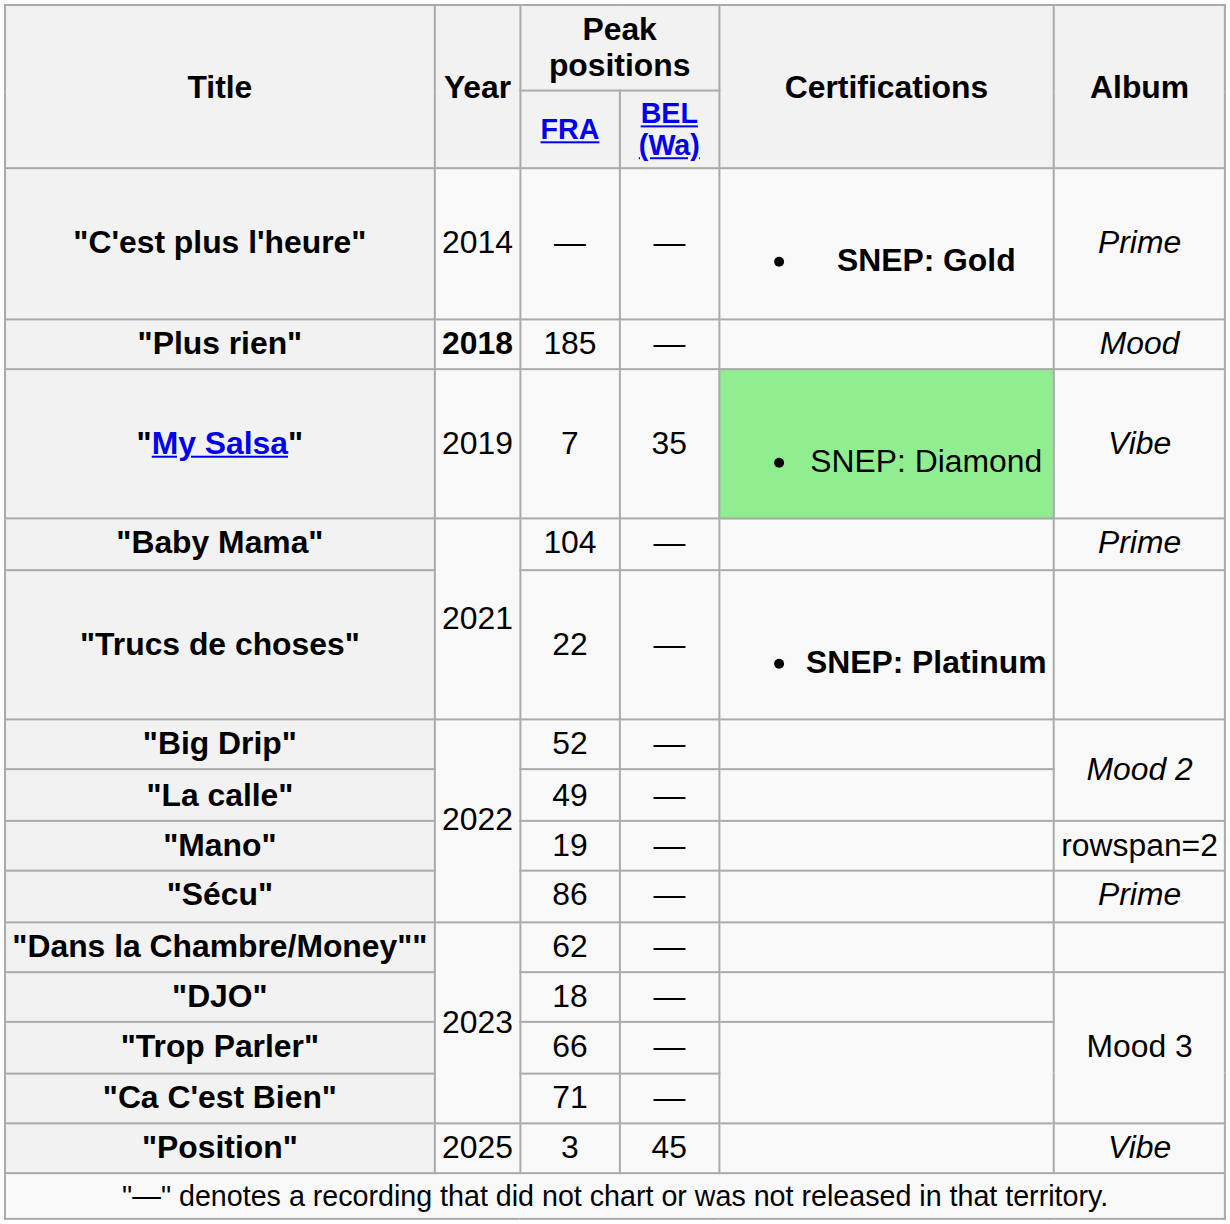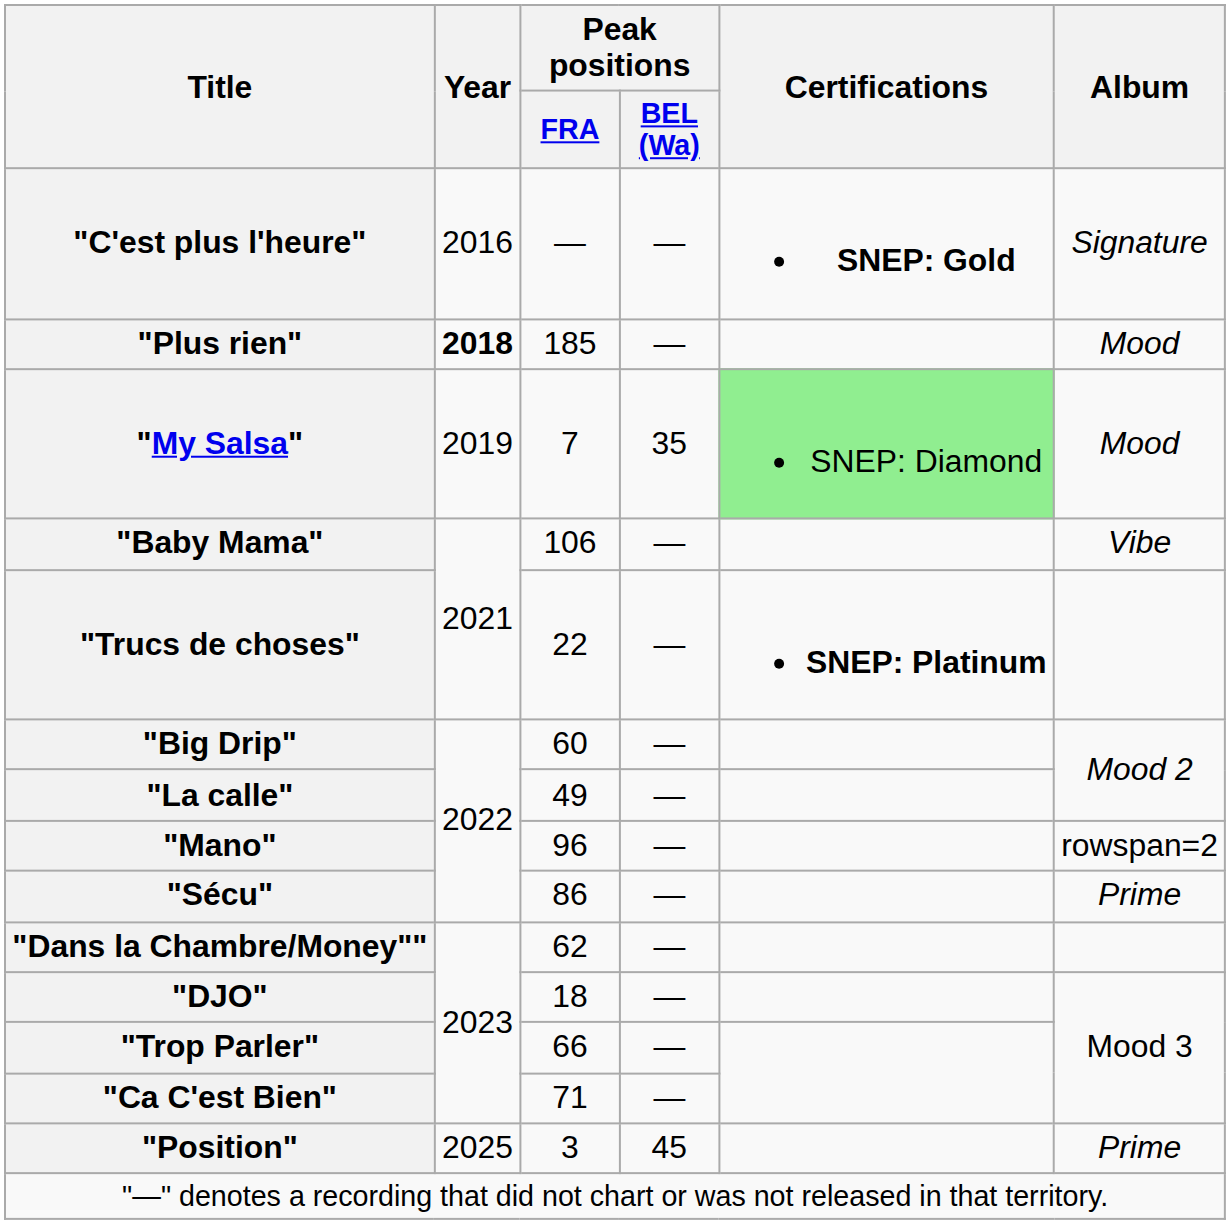 <table class="wikitable plainrowheaders" style="text-align:center">
 <tr>
 <th scope="col" rowspan="2">Title</th>
 <th scope="col" rowspan="2">Year</th>
 <th scope="col" colspan="2">Peak positions</th>
 <th rowspan="2">Certifications</th>
 <th rowspan="2">Album</th>
 </tr>
 <tr>
 <th scope="col" style="width:3em;font-size:90%;"><a href='#'>FRA</a><br></th>
 <th scope="col" style="width:3em;font-size:90%;"><a href='#'>BEL <br>(Wa)</a><br></th>
 </tr>
 <tr>
 <th scope="row">"C'est plus l'heure"<br></th>
-<td>2014</td>
+<td>2016</td>
 <td>—</td>
 <td>—</td>
 <td><strong><br><ul><li>SNEP: Gold</li></ul></strong></td>
-<td><em>Prime</em></td>
+<td><em>Signature</em></td>
 </tr>
 <tr>
 <th scope="row">"Plus rien"<br></th>
 <td><strong>2018</strong></td>
 <td>185</td>
 <td>—</td>
 <td></td>
 <td><em>Mood</em></td>
 </tr>
 <tr>
 <th scope="row">"<a href='#'>My Salsa</a>"<br></th>
 <td>2019</td>
 <td>7</td>
 <td>35</td>
 <td style="background: lightgreen;"><br><ul><li>SNEP: Diamond</li></ul></td>
-<td><em>Vibe</em></td>
+<td><em>Mood</em></td>
 </tr>
 <tr>
 <th scope="row">"Baby Mama"</th>
 <td rowspan=2>2021</td>
-<td>104</td>
+<td>106</td>
 <td>—</td>
 <td></td>
-<td><em>Prime</em></td>
+<td><em>Vibe</em></td>
 </tr>
 <tr>
 <th scope="row">"Trucs de choses"<br></th>
 <td>22</td>
 <td>—</td>
 <td><strong><br><ul><li>SNEP: Platinum</li></ul></strong></td>
 <td></td>
 </tr>
 <tr>
 <th scope="row">"Big Drip"<br></th>
 <td rowspan=4>2022</td>
-<td>52</td>
+<td>60</td>
 <td>—</td>
 <td></td>
 <td rowspan=2><em>Mood 2</em></td>
 </tr>
 <tr>
 <th scope="row">"La calle"<br></th>
 <td>49</td>
 <td>—</td>
 <td></td>
 </tr>
 <tr>
 <th scope="row">"Mano"</th>
-<td>19</td>
+<td>96</td>
 <td>—</td>
 <td></td>
 <td>rowspan=2</td>
 </tr>
 <tr>
 <th scope="row">"Sécu"</th>
 <td>86</td>
 <td>—</td>
 <td></td>
 <td><em>Prime</em></td>
 </tr>
 <tr>
 <th scope="row">"Dans la Chambre/Money""</th>
 <td rowspan=4>2023</td>
 <td>62</td>
 <td>—</td>
 <td></td>
 </tr>
 <tr>
 <th scope="row">"DJO" <br></th>
 <td>18</td>
 <td>—</td>
 <td></td>
 <td rowspan=3>Mood 3</td>
 </tr>
 <tr>
 <th scope="row">"Trop Parler"</th>
 <td>66</td>
 <td>—</td>
 </tr>
 <tr>
 <th scope="row">"Ca C'est Bien"</th>
 <td>71</td>
 <td>—</td>
 </tr>
 <tr>
 <th scope="row">"Position"</th>
 <td>2025</td>
 <td>3</td>
 <td>45</td>
 <td></td>
-<td><em>Vibe</em></td>
+<td><em>Prime</em></td>
 </tr>
 <tr>
 <td colspan="6" style="font-size:90%">"—" denotes a recording that did not chart or was not released in that territory.</td>
 </tr>
 </table>
